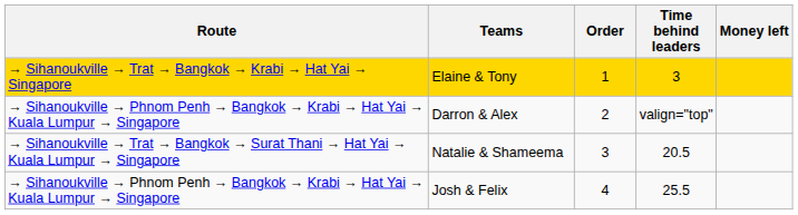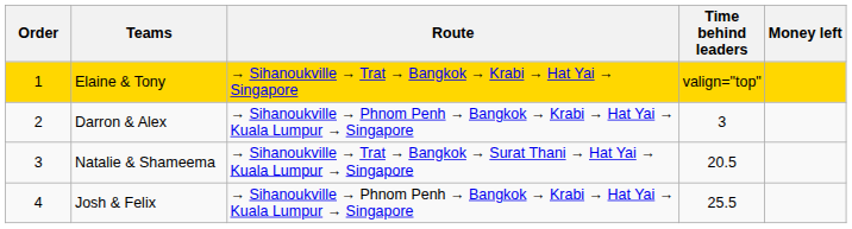 <table class="wikitable sortable" style="text-align:center">
 <tr>
+<th style="width:4em">Order</th>
+<th style="width:10em">Teams</th>
 <th style="width:30em">Route</th>
-<th style="width:10em">Teams</th>
-<th style="width:4em">Order</th>
 <th style="width:5em">Time behind leaders</th>
 <th style="width:5em">Money left</th>
 </tr>
 <tr style=background:gold>
+<td>1</td>
+<td style="text-align:left">Elaine & Tony</td>
 <td style="text-align:left"> → <a href='#'>Sihanoukville</a>  → <a href='#'>Trat</a>  → <a href='#'>Bangkok</a>  → <a href='#'>Krabi</a>  → <a href='#'>Hat Yai</a>  → <a href='#'>Singapore</a></td>
-<td style="text-align:left">Elaine & Tony</td>
-<td>1</td>
+<td>valign="top" </td>
+<td></td>
+</tr>
+<tr>
+<td>2</td>
+<td style="text-align:left">Darron & Alex</td>
+<td style="text-align:left"> → <a href='#'>Sihanoukville</a>  → <a href='#'>Phnom Penh</a>  → <a href='#'>Bangkok</a>   → <a href='#'>Krabi</a>  → <a href='#'>Hat Yai</a>  → <a href='#'>Kuala Lumpur</a>  → <a href='#'>Singapore</a></td>
 <td>3</td>
 <td></td>
 </tr>
 <tr>
-<td style="text-align:left"> → <a href='#'>Sihanoukville</a>  → <a href='#'>Phnom Penh</a>  → <a href='#'>Bangkok</a>   → <a href='#'>Krabi</a>  → <a href='#'>Hat Yai</a>  → <a href='#'>Kuala Lumpur</a>  → <a href='#'>Singapore</a></td>
-<td style="text-align:left">Darron & Alex</td>
-<td>2</td>
-<td>valign="top" </td>
-<td></td>
-</tr>
-<tr>
+<td>3</td>
+<td style="text-align:left">Natalie & Shameema</td>
 <td style="text-align:left"> → <a href='#'>Sihanoukville</a>  → <a href='#'>Trat</a> → <a href='#'>Bangkok</a>  → <a href='#'>Surat Thani</a> → <a href='#'>Hat Yai</a> → <a href='#'>Kuala Lumpur</a> → <a href='#'>Singapore</a></td>
-<td style="text-align:left">Natalie & Shameema</td>
-<td>3</td>
 <td>20.5</td>
 <td></td>
 </tr>
 <tr>
+<td>4</td>
+<td style="text-align:left">Josh & Felix</td>
 <td style="text-align:left"> → <a href='#'>Sihanoukville</a>  → Phnom Penh  → <a href='#'>Bangkok</a>  → <a href='#'>Krabi</a>  → <a href='#'>Hat Yai</a> → <a href='#'>Kuala Lumpur</a> → <a href='#'>Singapore</a></td>
-<td style="text-align:left">Josh & Felix</td>
-<td>4</td>
 <td>25.5</td>
 <td></td>
 </tr>
 </table>
